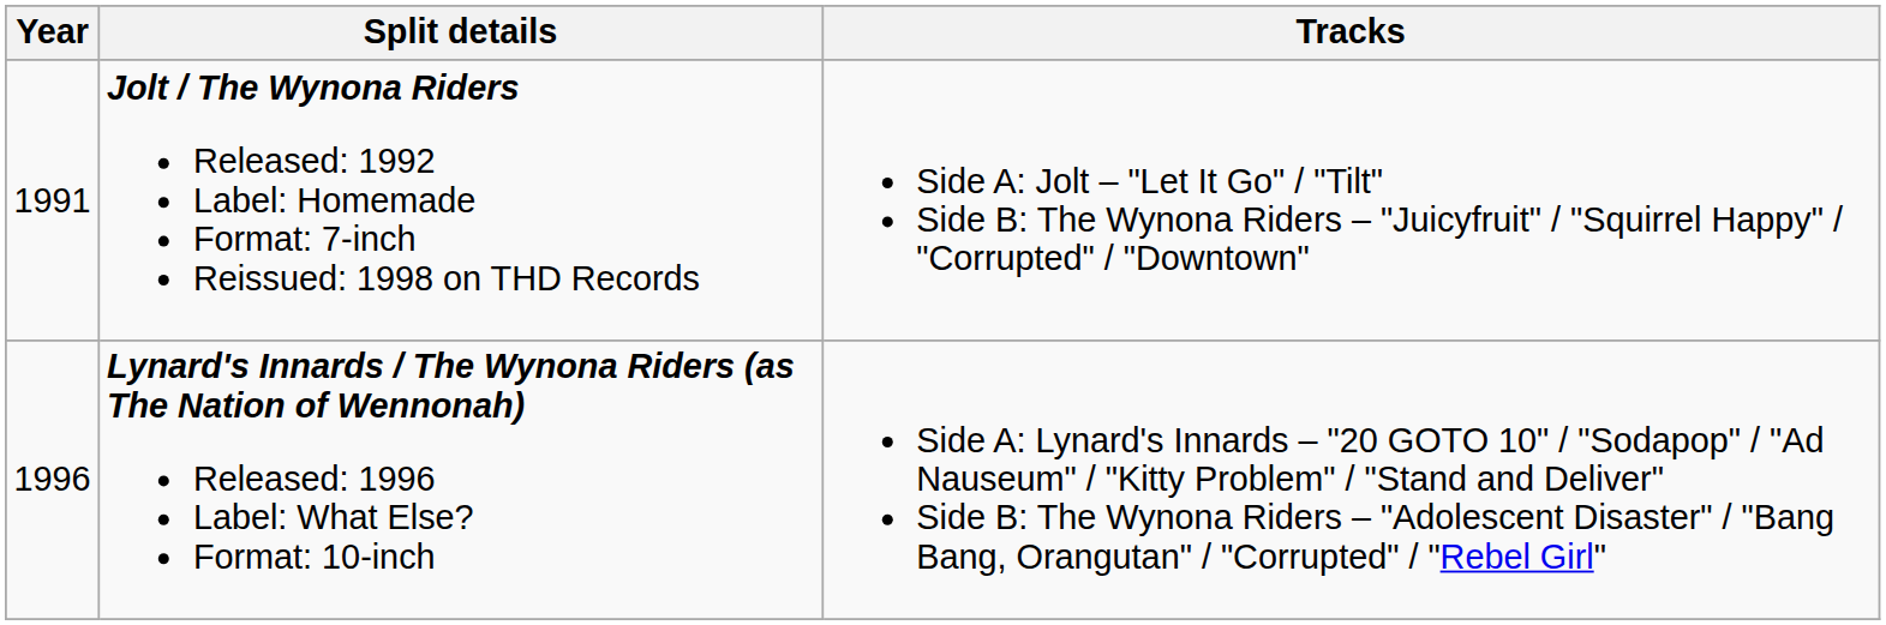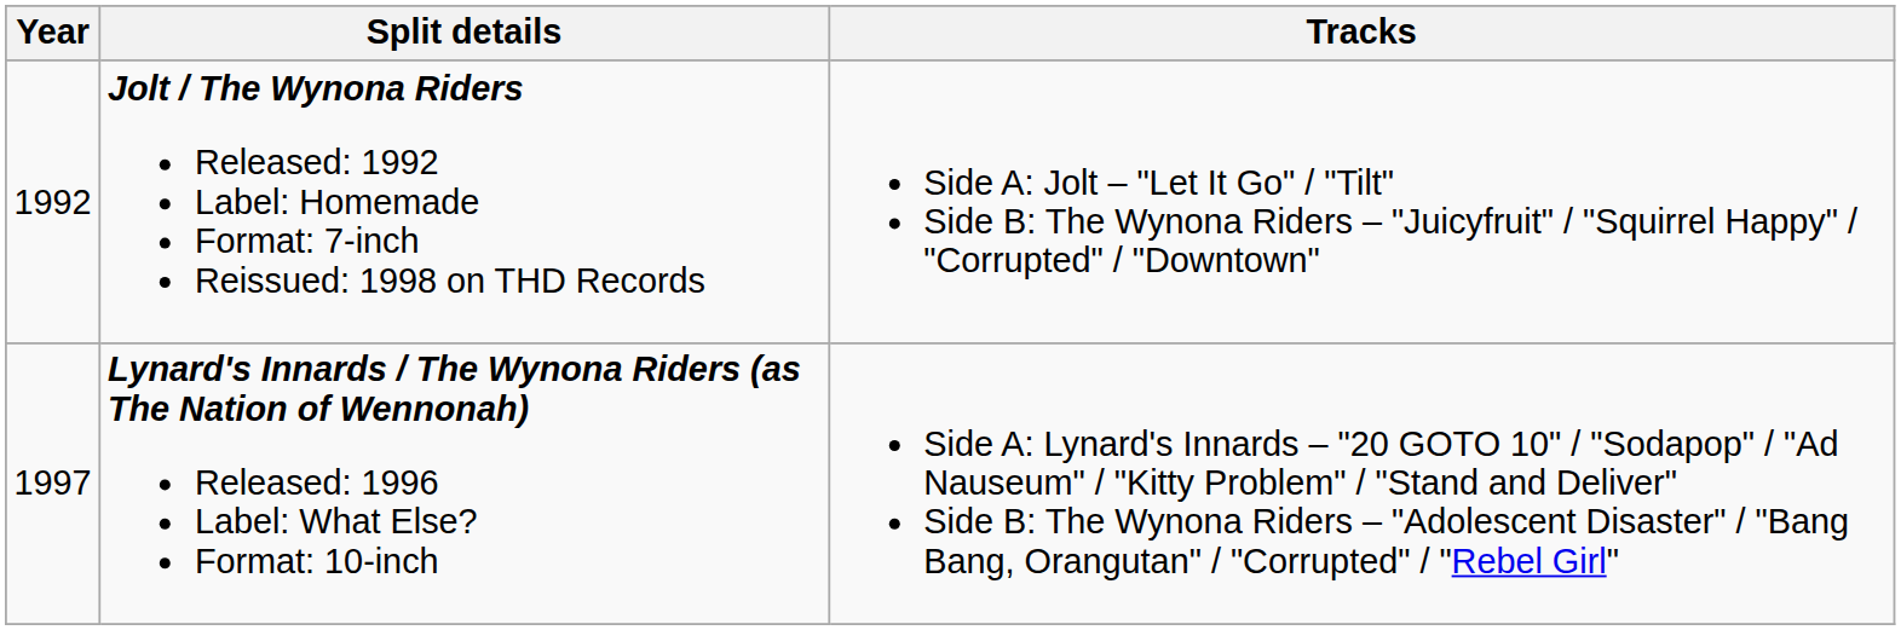 <table class="wikitable">
 <tr>
 <th>Year</th>
 <th>Split details</th>
 <th>Tracks</th>
 </tr>
 <tr>
-<td>1991</td>
+<td>1992</td>
 <td><strong><em>Jolt / The Wynona Riders</em></strong><br><ul><li>Released: 1992</li><li>Label: Homemade </li><li>Format: 7-inch</li><li>Reissued: 1998 on THD Records</li></ul></td>
 <td><br><ul><li>Side A: Jolt – "Let It Go" / "Tilt"</li><li>Side B: The Wynona Riders – "Juicyfruit" / "Squirrel Happy" / "Corrupted" / "Downtown"</li></ul></td>
 </tr>
 <tr>
-<td>1996</td>
+<td>1997</td>
 <td><strong><em>Lynard's Innards / The Wynona Riders (as The Nation of Wennonah)</em></strong><br><ul><li>Released: 1996</li><li>Label: What Else? </li><li>Format: 10-inch</li></ul></td>
 <td><br><ul><li>Side A: Lynard's Innards – "20 GOTO 10" / "Sodapop" / "Ad Nauseum" / "Kitty Problem" / "Stand and Deliver"</li><li>Side B: The Wynona Riders – "Adolescent Disaster" / "Bang Bang, Orangutan" / "Corrupted" / "<a href='#'>Rebel Girl</a>"</li></ul></td>
 </tr>
 </table>
